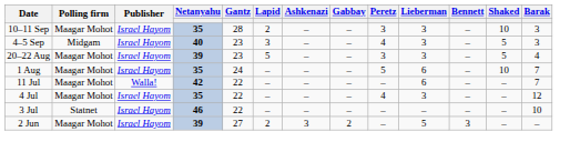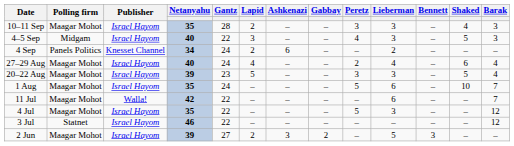 <table class="wikitable sortable" style="text-align:center; font-size:90%; line-height:13px;">
 <tr>
 <th rowspan="2">Date</th>
 <th rowspan="2">Polling firm</th>
 <th rowspan="2">Publisher</th>
 <th><a href='#'>Netanyahu</a></th>
 <th><a href='#'>Gantz</a></th>
 <th><a href='#'>Lapid</a></th>
 <th><a href='#'>Ashkenazi</a></th>
 <th><a href='#'>Gabbay</a></th>
 <th><a href='#'>Peretz</a></th>
 <th><a href='#'>Lieberman</a></th>
 <th><a href='#'>Bennett</a></th>
 <th><a href='#'>Shaked</a></th>
 <th><a href='#'>Barak</a></th>
 </tr>
 <tr>
 <th style="background:"></th>
 <th style="background:"></th>
 <th style="background:"></th>
 <th style="background:"></th>
 <th style="background:"></th>
 <th style="background:"></th>
 <th style="background:"></th>
 <th style="background:"></th>
 <th style="background:"></th>
 <th style="background:"></th>
 </tr>
 <tr>
 <td data-sort-value="2019-09-11">10–11 Sep</td>
 <td>Maagar Mohot</td>
 <td><em><a href='#'>Israel Hayom</a></em></td>
 <td style="background:#BBCDE4"><strong>35</strong>	</td>
 <td>28					</td>
 <td>2					</td>
 <td>–					</td>
 <td>–					</td>
 <td>3					</td>
 <td>3					</td>
 <td>–					</td>
-<td>10					</td>
+<td>4					</td>
 <td>3					</td>
 </tr>
 <tr>
 <td data-sort-value="2019-09-05">4–5 Sep</td>
 <td>Midgam</td>
 <td><em><a href='#'>Israel Hayom</a></em></td>
 <td style="background:#BBCDE4"><strong>40</strong>	</td>
-<td>23					</td>
+<td>22					</td>
 <td>3					</td>
 <td>–					</td>
 <td>–					</td>
 <td>4					</td>
 <td>3					</td>
 <td>–					</td>
 <td>5					</td>
 <td>3					</td>
+</tr>
+<tr>
+<td data-sort-value="2019-09-04">4 Sep</td>
+<td>Panels Politics</td>
+<td><a href='#'>Knesset Channel</a></td>
+<td style="background:#BBCDE4"><strong>34</strong>	</td>
+<td>24					</td>
+<td>2					</td>
+<td>6					</td>
+<td>–					</td>
+<td>–					</td>
+<td>2					</td>
+<td>–					</td>
+<td>–					</td>
+<td>–					</td>
+</tr>
+<tr>
+<td data-sort-value="2019-08-29">27–29 Aug</td>
+<td>Maagar Mohot</td>
+<td><em><a href='#'>Israel Hayom</a></em></td>
+<td style="background:#BBCDE4"><strong>40</strong>	</td>
+<td>24					</td>
+<td>4					</td>
+<td>–					</td>
+<td>–					</td>
+<td>2					</td>
+<td>4					</td>
+<td>–					</td>
+<td>6					</td>
+<td>4					</td>
 </tr>
 <tr>
 <td data-sort-value="2019-08-22">20–22 Aug</td>
 <td>Maagar Mohot</td>
 <td><em><a href='#'>Israel Hayom</a></em></td>
 <td style="background:#BBCDE4"><strong>39</strong>	</td>
 <td>23					</td>
 <td>5					</td>
 <td>–					</td>
 <td>–					</td>
 <td>3					</td>
 <td>3					</td>
 <td>–					</td>
 <td>5					</td>
 <td>4					</td>
 </tr>
 <tr>
 <td data-sort-value="2019-08-01">1 Aug</td>
 <td>Maagar Mohot</td>
 <td><em><a href='#'>Israel Hayom</a></em></td>
 <td style="background:#BBCDE4"><strong>35</strong>	</td>
 <td>24					</td>
 <td>–					</td>
 <td>–					</td>
 <td>–					</td>
 <td>5					</td>
 <td>6					</td>
 <td>–					</td>
 <td>10					</td>
 <td>7					</td>
 </tr>
 <tr>
 <td data-sort-value="2019-07-11">11 Jul</td>
 <td>Maagar Mohot</td>
 <td><a href='#'>Walla!</a></td>
 <td style="background:#BBCDE4"><strong>42</strong>	</td>
 <td>22					</td>
 <td>–					</td>
 <td>–					</td>
 <td>–					</td>
 <td>–					</td>
 <td>6					</td>
 <td>–					</td>
 <td>–					</td>
 <td>7					</td>
 </tr>
 <tr>
 <td data-sort-value="2019-07-04">4 Jul</td>
 <td>Maagar Mohot</td>
 <td><em><a href='#'>Israel Hayom</a></em></td>
 <td style="background:#BBCDE4"><strong>35</strong>	</td>
 <td>22					</td>
 <td>–					</td>
 <td>–					</td>
 <td>–					</td>
-<td>4					</td>
+<td>5					</td>
 <td>3					</td>
 <td>–					</td>
 <td>–					</td>
 <td>12					</td>
 </tr>
 <tr>
 <td data-sort-value="2019-07-03">3 Jul</td>
 <td>Statnet</td>
 <td><em><a href='#'>Israel Hayom</a></em></td>
 <td style="background:#BBCDE4"><strong>46</strong>	</td>
 <td>22					</td>
 <td>–					</td>
 <td>–					</td>
 <td>–					</td>
 <td>–					</td>
 <td>–					</td>
 <td>–					</td>
 <td>–					</td>
-<td>10					</td>
+<td>12					</td>
 </tr>
 <tr>
 <td data-sort-value="2019-06-02">2 Jun</td>
 <td>Maagar Mohot</td>
 <td><em><a href='#'>Israel Hayom</a></em></td>
 <td style="background:#BBCDE4"><strong>39</strong>	</td>
 <td>27					</td>
 <td>2					</td>
 <td>3					</td>
 <td>2					</td>
 <td>–					</td>
 <td>5					</td>
 <td>3					</td>
 <td>–					</td>
 <td>–					</td>
 </tr>
 </table>
